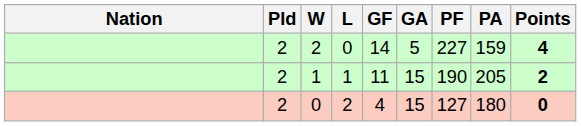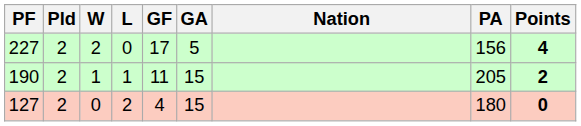 <table class=wikitable style="text-align:center">
 <tr>
-<th width=220>Nation</th>
+<th width=20>PF</th>
 <th width=20>Pld</th>
 <th width=20>W</th>
 <th width=20>L</th>
 <th width=20>GF</th>
 <th width=20>GA</th>
-<th width=20>PF</th>
+<th width=220>Nation</th>
 <th width=20>PA</th>
 <th width=50>Points</th>
 </tr>
 <tr bgcolor="#ccffcc">
-<td align=left></td>
+<td>227</td>
 <td>2</td>
 <td>2</td>
 <td>0</td>
-<td>14</td>
+<td>17</td>
 <td>5</td>
-<td>227</td>
-<td>159</td>
+<td align=left></td>
+<td>156</td>
 <td><strong>4</strong></td>
 </tr>
 <tr bgcolor="#ccffcc">
-<td align=left></td>
+<td>190</td>
 <td>2</td>
 <td>1</td>
 <td>1</td>
 <td>11</td>
 <td>15</td>
-<td>190</td>
+<td align=left></td>
 <td>205</td>
 <td><strong>2</strong></td>
 </tr>
 <tr bgcolor="#fcccc">
-<td align=left></td>
+<td>127</td>
 <td>2</td>
 <td>0</td>
 <td>2</td>
 <td>4</td>
 <td>15</td>
-<td>127</td>
+<td align=left></td>
 <td>180</td>
 <td><strong>0</strong></td>
 </tr>
 </table>
